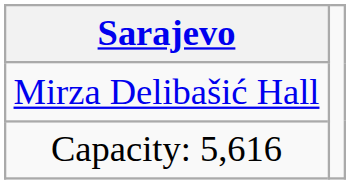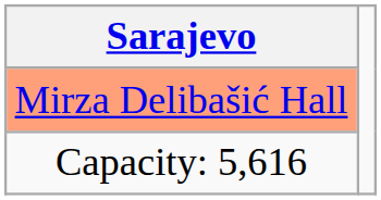 <table class="wikitable" style="text-align:center;">
 <tr>
 <th><a href='#'>Sarajevo</a></th>
 <td rowspan="4"><br></td>
 </tr>
 <tr>
-<td><a href='#'>Mirza Delibašić Hall</a></td>
+<td style="background: lightsalmon;"><a href='#'>Mirza Delibašić Hall</a></td>
 </tr>
 <tr>
 <td>Capacity: 5,616</td>
 </tr>
 </table>
